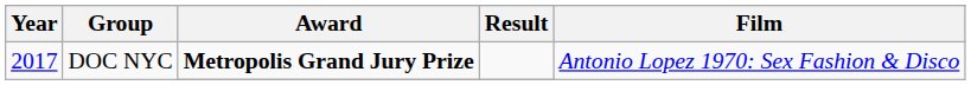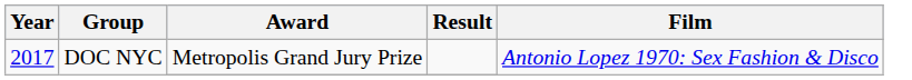 <table class="wikitable">
 <tr style="background:#b0c4de; text-align:center;">
 <th>Year</th>
 <th>Group</th>
 <th>Award</th>
 <th>Result</th>
 <th>Film</th>
 </tr>
 <tr>
 <td rowspan="4"><a href='#'>2017</a></td>
 <td rowspan="2">DOC NYC</td>
-<td><strong>Metropolis Grand Jury Prize</strong></td>
+<td>Metropolis Grand Jury Prize</td>
 <td></td>
 <td rowspan="4"><em><a href='#'>Antonio Lopez 1970: Sex Fashion & Disco</a></em></td>
 </tr>
 <tr>
 </tr>
 </table>
